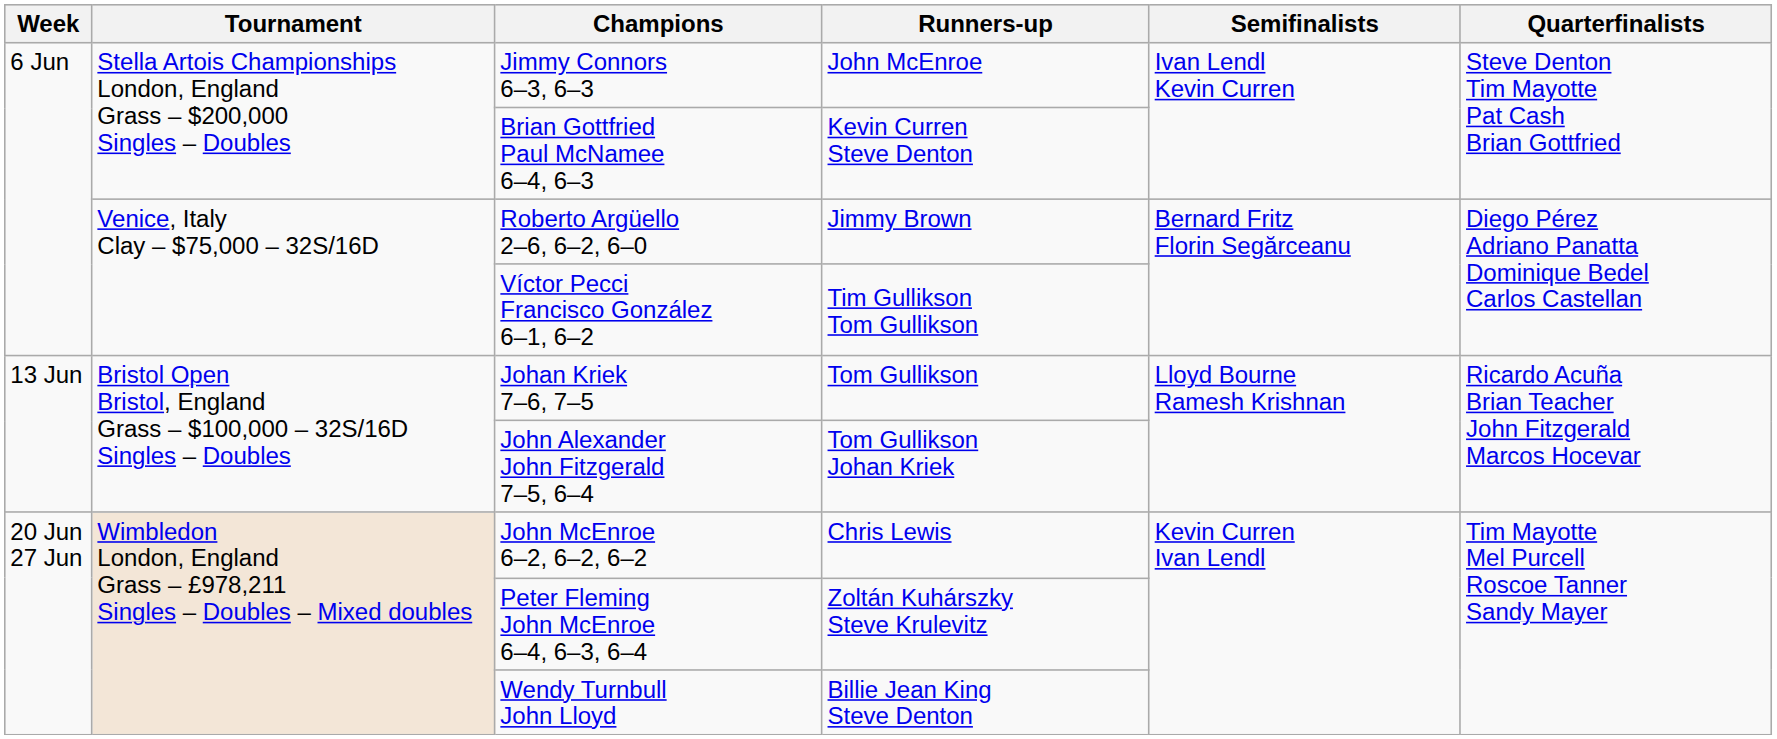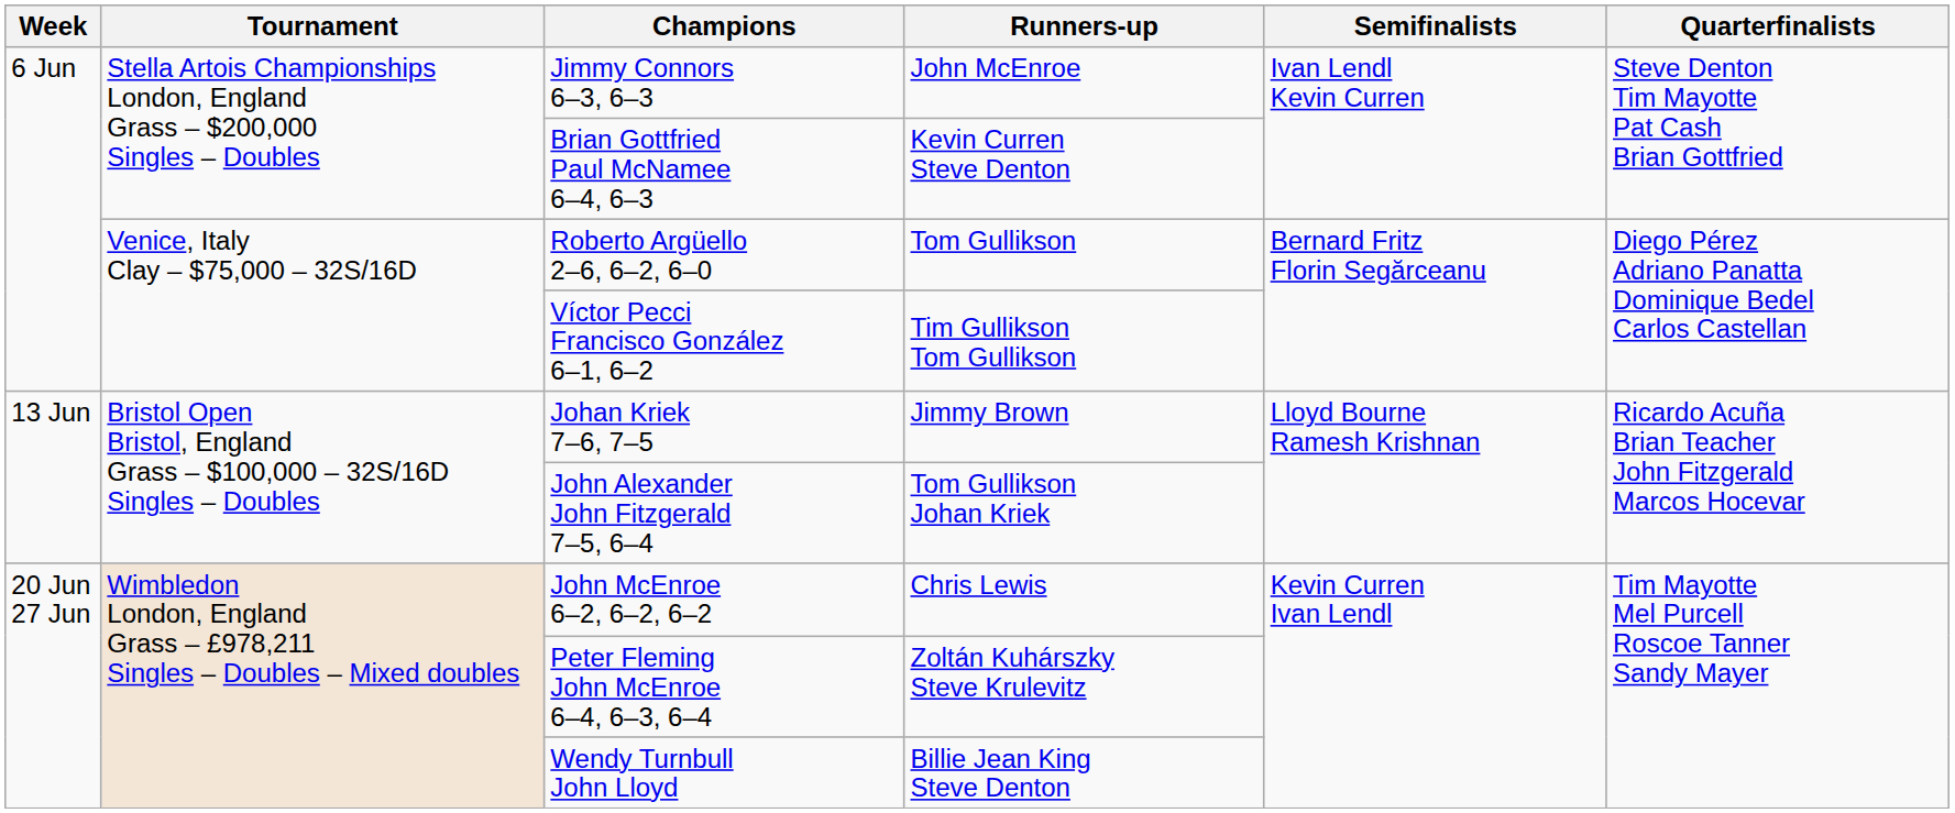 <table class="wikitable" style="font-size:95%;">
 <tr>
 <th style="width:48px;">Week</th>
 <th style="width:248px;">Tournament</th>
 <th style="width:200px;">Champions</th>
 <th style="width:200px;">Runners-up</th>
 <th style="width:190px;">Semifinalists</th>
 <th style="width:190px;">Quarterfinalists</th>
 </tr>
 <tr valign=top>
 <td rowspan=4>6 Jun</td>
 <td rowspan=2><a href='#'>Stella Artois Championships</a> <br> London, England <br> Grass – $200,000 <br> <a href='#'>Singles</a> – <a href='#'>Doubles</a></td>
 <td> <a href='#'>Jimmy Connors</a> <br> 6–3, 6–3</td>
 <td> <a href='#'>John McEnroe</a></td>
 <td rowspan=2> <a href='#'>Ivan Lendl</a> <br>  <a href='#'>Kevin Curren</a></td>
 <td rowspan=2> <a href='#'>Steve Denton</a> <br>  <a href='#'>Tim Mayotte</a> <br>  <a href='#'>Pat Cash</a> <br>  <a href='#'>Brian Gottfried</a></td>
 </tr>
 <tr valign=top>
 <td> <a href='#'>Brian Gottfried</a> <br>  <a href='#'>Paul McNamee</a> <br> 6–4, 6–3</td>
 <td> <a href='#'>Kevin Curren</a> <br>  <a href='#'>Steve Denton</a></td>
 </tr>
 <tr valign=top>
 <td rowspan=2><a href='#'>Venice</a>, Italy <br> Clay – $75,000 – 32S/16D</td>
 <td> <a href='#'>Roberto Argüello</a> <br> 2–6, 6–2, 6–0</td>
-<td> <a href='#'>Jimmy Brown</a></td>
+<td> <a href='#'>Tom Gullikson</a></td>
 <td rowspan=2> <a href='#'>Bernard Fritz</a> <br>  <a href='#'>Florin Segărceanu</a></td>
 <td rowspan=2> <a href='#'>Diego Pérez</a> <br>  <a href='#'>Adriano Panatta</a> <br>  <a href='#'>Dominique Bedel</a> <br>  <a href='#'>Carlos Castellan</a></td>
 </tr>
 <tr valign-top>
 <td> <a href='#'>Víctor Pecci</a> <br>  <a href='#'>Francisco González</a> <br> 6–1, 6–2</td>
 <td> <a href='#'>Tim Gullikson</a> <br>  <a href='#'>Tom Gullikson</a></td>
 </tr>
 <tr valign=top>
 <td rowspan=2>13 Jun</td>
 <td rowspan=2><a href='#'>Bristol Open</a> <br> <a href='#'>Bristol</a>, England <br> Grass – $100,000 – 32S/16D <br> <a href='#'>Singles</a> – <a href='#'>Doubles</a></td>
 <td> <a href='#'>Johan Kriek</a> <br> 7–6, 7–5</td>
-<td> <a href='#'>Tom Gullikson</a></td>
+<td> <a href='#'>Jimmy Brown</a></td>
 <td rowspan=2> <a href='#'>Lloyd Bourne</a> <br>  <a href='#'>Ramesh Krishnan</a></td>
 <td rowspan=2> <a href='#'>Ricardo Acuña</a> <br>  <a href='#'>Brian Teacher</a> <br>  <a href='#'>John Fitzgerald</a> <br>  <a href='#'>Marcos Hocevar</a></td>
 </tr>
 <tr valign=top>
 <td> <a href='#'>John Alexander</a> <br>  <a href='#'>John Fitzgerald</a> <br> 7–5, 6–4</td>
 <td> <a href='#'>Tom Gullikson</a> <br>  <a href='#'>Johan Kriek</a></td>
 </tr>
 <tr valign=top>
 <td rowspan=3>20 Jun<br>27 Jun</td>
 <td style="background:#f3e6d7;" rowspan=3><a href='#'>Wimbledon</a> <br> London, England <br> Grass – £978,211 <br> <a href='#'>Singles</a> – <a href='#'>Doubles</a> – <a href='#'>Mixed doubles</a></td>
 <td> <a href='#'>John McEnroe</a> <br> 6–2, 6–2, 6–2</td>
 <td> <a href='#'>Chris Lewis</a></td>
 <td rowspan=3> <a href='#'>Kevin Curren</a> <br>  <a href='#'>Ivan Lendl</a></td>
 <td rowspan=3> <a href='#'>Tim Mayotte</a> <br>  <a href='#'>Mel Purcell</a> <br>  <a href='#'>Roscoe Tanner</a> <br>  <a href='#'>Sandy Mayer</a></td>
 </tr>
 <tr valign=top>
 <td> <a href='#'>Peter Fleming</a> <br>  <a href='#'>John McEnroe</a> <br> 6–4, 6–3, 6–4</td>
 <td> <a href='#'>Zoltán Kuhárszky</a> <br>  <a href='#'>Steve Krulevitz</a></td>
 </tr>
 <tr valign=top>
 <td> <a href='#'>Wendy Turnbull</a> <br>  <a href='#'>John Lloyd</a></td>
 <td> <a href='#'>Billie Jean King</a> <br>  <a href='#'>Steve Denton</a></td>
 </tr>
 </table>
